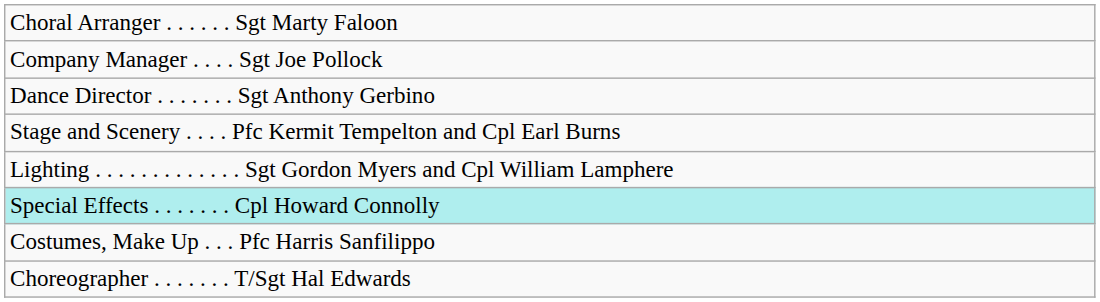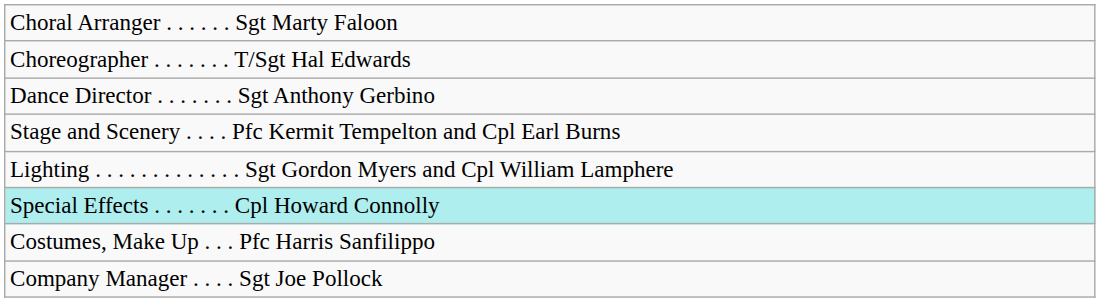 <table class="wikitable" style="width:60%;">
 <tr>
 <td>Choral Arranger  . . . . . . Sgt Marty Faloon</td>
 </tr>
 <tr>
-<td>Company Manager   . . . . Sgt Joe Pollock</td>
+<td>Choreographer  . . . . . . . T/Sgt Hal Edwards</td>
 </tr>
 <tr>
 <td>Dance Director   . . . . . . . Sgt Anthony Gerbino</td>
 </tr>
 <tr>
 <td>Stage and Scenery  . . . . Pfc Kermit Tempelton and Cpl Earl Burns</td>
 </tr>
 <tr>
 <td>Lighting  . . . . . . . . . . . . . Sgt Gordon Myers and Cpl William Lamphere</td>
 </tr>
 <tr>
 <td style="background: paleturquoise;">Special Effects . . . . . . . Cpl Howard Connolly</td>
 </tr>
 <tr>
 <td>Costumes, Make Up  . . . Pfc Harris Sanfilippo</td>
 </tr>
 <tr>
-<td>Choreographer  . . . . . . . T/Sgt Hal Edwards</td>
+<td>Company Manager   . . . . Sgt Joe Pollock</td>
 </tr>
 </table>
